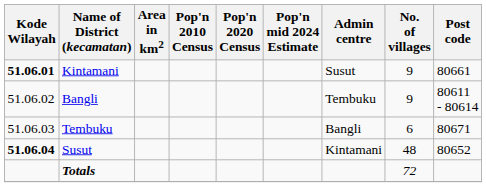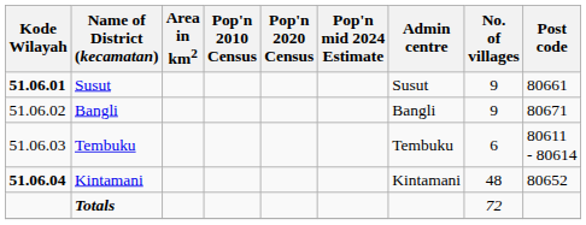 <table class="wikitable sortable" style="margin-bottom: 0;">
 <tr>
 <th>Kode <br>Wilayah</th>
 <th>Name of<br>District<br>(<em>kecamatan</em>)</th>
 <th>Area<br>in <br> km<sup>2</sup></th>
 <th>Pop'n <br> 2010<br>Census</th>
 <th>Pop'n <br> 2020<br>Census</th>
 <th>Pop'n <br>mid 2024<br>Estimate</th>
 <th>Admin<br>centre</th>
 <th>No.<br>of<br>villages</th>
 <th>Post<br>code</th>
 </tr>
 <tr>
 <td><strong>51.06.01</strong></td>
-<td><a href='#'>Kintamani</a></td>
+<td><a href='#'>Susut</a></td>
 <td align="right"></td>
 <td align="right"></td>
 <td align="right"></td>
 <td align="right"></td>
 <td>Susut</td>
 <td align="center">9</td>
 <td>80661</td>
 </tr>
 <tr>
 <td>51.06.02</td>
 <td><a href='#'>Bangli</a></td>
 <td align="right"></td>
 <td align="right"></td>
 <td align="right"></td>
 <td align="right"></td>
-<td>Tembuku</td>
+<td>Bangli</td>
 <td align="center">9</td>
-<td>80611<br> - 80614</td>
+<td>80671</td>
 </tr>
 <tr>
 <td>51.06.03</td>
 <td><a href='#'>Tembuku</a></td>
 <td align="right"></td>
 <td align="right"></td>
 <td align="right"></td>
 <td align="right"></td>
-<td>Bangli</td>
+<td>Tembuku</td>
 <td align="center">6</td>
-<td>80671</td>
+<td>80611<br> - 80614</td>
 </tr>
 <tr>
 <td><strong>51.06.04</strong></td>
-<td><a href='#'>Susut</a></td>
+<td><a href='#'>Kintamani</a></td>
 <td align="right"></td>
 <td align="right"></td>
 <td align="right"></td>
 <td align="right"></td>
 <td>Kintamani</td>
 <td align="center">48</td>
 <td>80652</td>
 </tr>
 <tr>
 <td></td>
 <td><strong><em>Totals</em></strong></td>
 <td align="right"><em></em></td>
 <td align="right"><em></em></td>
 <td align="right"><em></em></td>
 <td align="right"><em></em></td>
 <td></td>
 <td align="center"><em>72</em></td>
 <td></td>
 </tr>
 <tr>
 </tr>
 </table>
